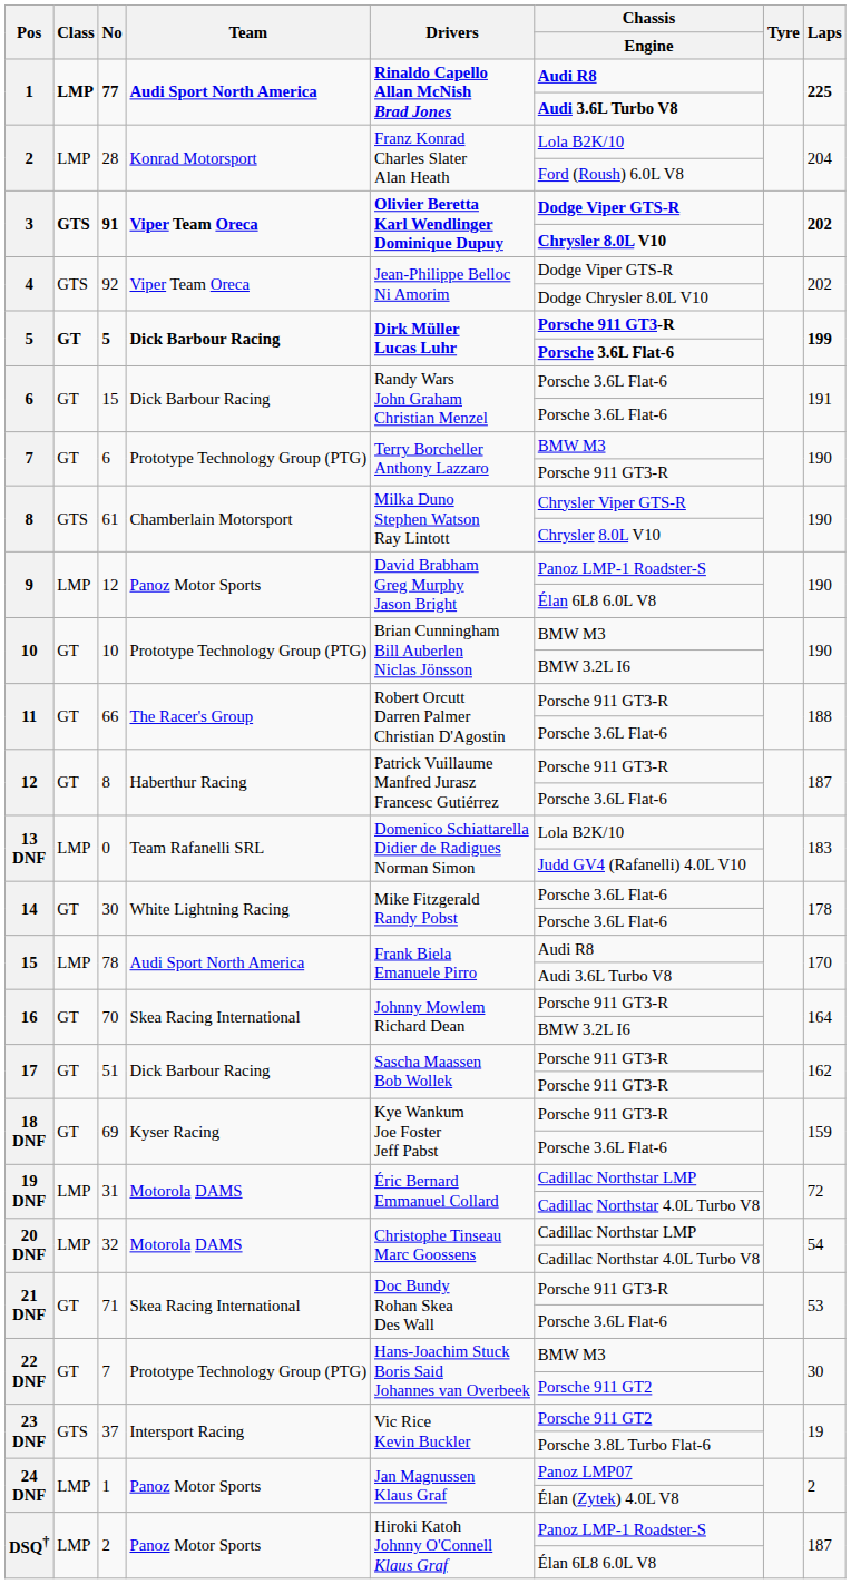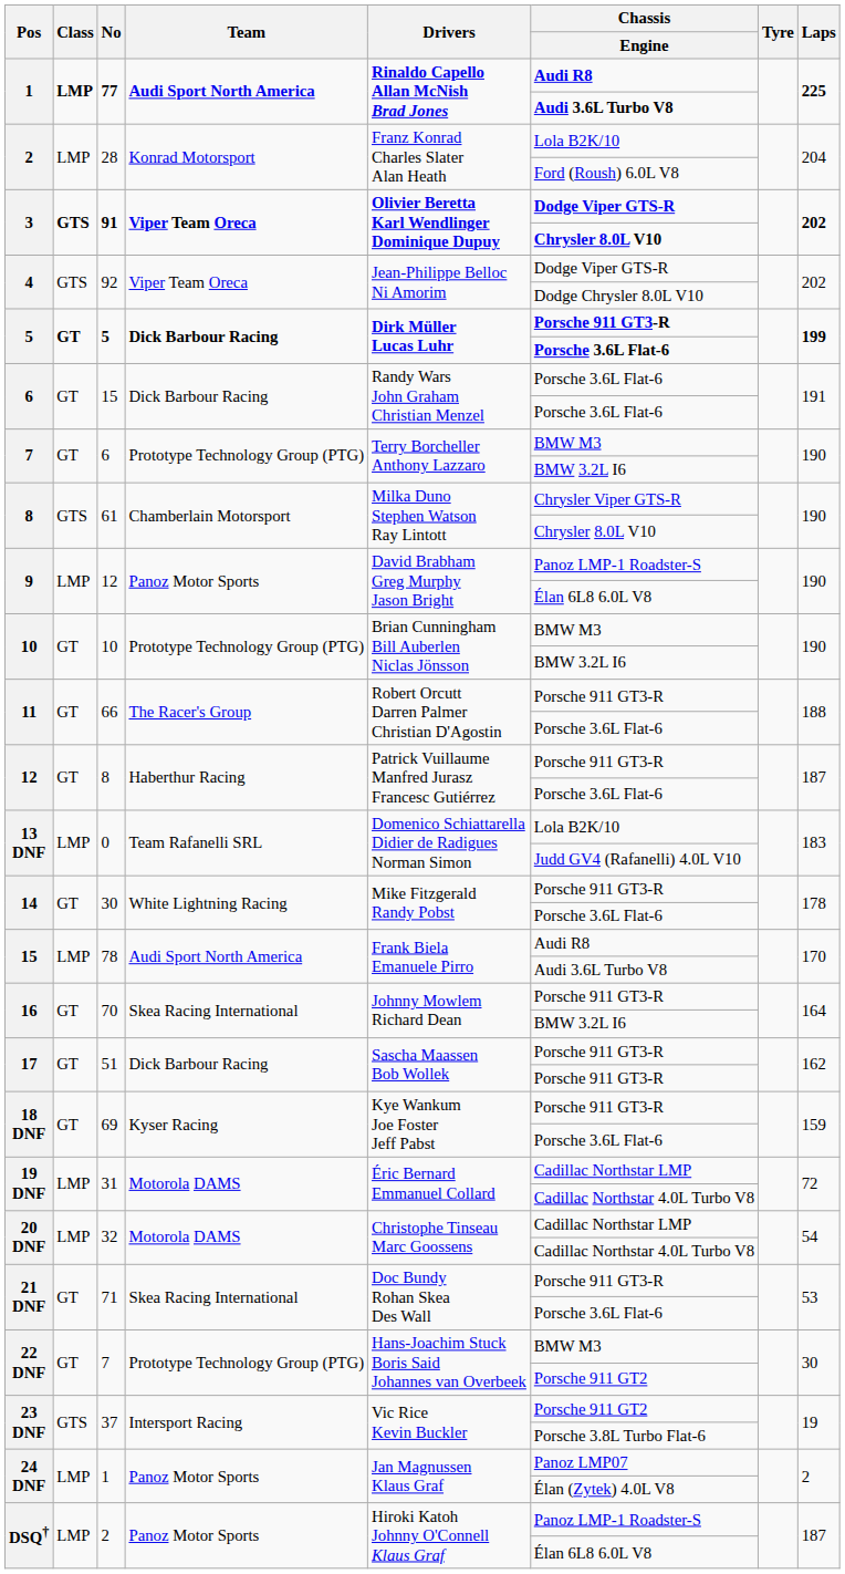 <table class="wikitable" style="font-size: 95%;">
 <tr>
 <th rowspan=2>Pos</th>
 <th rowspan=2>Class</th>
 <th rowspan=2>No</th>
 <th rowspan=2>Team</th>
 <th rowspan=2>Drivers</th>
 <th>Chassis</th>
 <th rowspan=2>Tyre</th>
 <th rowspan=2>Laps</th>
 </tr>
 <tr>
 <th>Engine</th>
 </tr>
 <tr style="font-weight:bold">
 <th rowspan=2>1</th>
 <td rowspan=2>LMP</td>
 <td rowspan=2>77</td>
 <td rowspan=2> <a href='#'>Audi Sport North America</a></td>
 <td rowspan=2> <a href='#'>Rinaldo Capello</a><br> <a href='#'>Allan McNish</a><br><em> <a href='#'>Brad Jones</a></em></td>
 <td><a href='#'>Audi R8</a></td>
 <td rowspan=2></td>
 <td rowspan=2>225</td>
 </tr>
 <tr style="font-weight:bold">
 <td><a href='#'>Audi</a> 3.6L Turbo V8</td>
 </tr>
 <tr>
 <th rowspan=2>2</th>
 <td rowspan=2>LMP</td>
 <td rowspan=2>28</td>
 <td rowspan=2> <a href='#'>Konrad Motorsport</a></td>
 <td rowspan=2> <a href='#'>Franz Konrad</a><br> Charles Slater<br> Alan Heath</td>
 <td><a href='#'>Lola B2K/10</a></td>
 <td rowspan=2></td>
 <td rowspan=2>204</td>
 </tr>
 <tr>
 <td><a href='#'>Ford</a> (<a href='#'>Roush</a>) 6.0L V8</td>
 </tr>
 <tr style="font-weight:bold">
 <th rowspan=2>3</th>
 <td rowspan=2>GTS</td>
 <td rowspan=2>91</td>
 <td rowspan=2> <a href='#'>Viper</a> Team <a href='#'>Oreca</a></td>
 <td rowspan=2> <a href='#'>Olivier Beretta</a><br> <a href='#'>Karl Wendlinger</a><br> <a href='#'>Dominique Dupuy</a></td>
 <td><a href='#'>Dodge Viper GTS-R</a></td>
 <td rowspan=2></td>
 <td rowspan=2>202</td>
 </tr>
 <tr style="font-weight:bold">
 <td><a href='#'>Chrysler 8.0L</a> V10</td>
 </tr>
 <tr>
 <th rowspan=2>4</th>
 <td rowspan=2>GTS</td>
 <td rowspan=2>92</td>
 <td rowspan=2> <a href='#'>Viper</a> Team <a href='#'>Oreca</a></td>
 <td rowspan=2> <a href='#'>Jean-Philippe Belloc</a><br> <a href='#'>Ni Amorim</a></td>
 <td>Dodge Viper GTS-R</td>
 <td rowspan=2></td>
 <td rowspan=2>202</td>
 </tr>
 <tr>
 <td>Dodge Chrysler 8.0L V10</td>
 </tr>
 <tr style="font-weight:bold">
 <th rowspan=2>5</th>
 <td rowspan=2>GT</td>
 <td rowspan=2>5</td>
 <td rowspan=2> Dick Barbour Racing</td>
 <td rowspan=2> <a href='#'>Dirk Müller</a><br> <a href='#'>Lucas Luhr</a></td>
 <td><a href='#'>Porsche 911 GT3</a>-R</td>
 <td rowspan=2></td>
 <td rowspan=2>199</td>
 </tr>
 <tr style="font-weight:bold">
 <td><a href='#'>Porsche</a> 3.6L Flat-6</td>
 </tr>
 <tr>
 <th rowspan=2>6</th>
 <td rowspan=2>GT</td>
 <td rowspan=2>15</td>
 <td rowspan=2> Dick Barbour Racing</td>
 <td rowspan=2> Randy Wars<br> <a href='#'>John Graham</a><br> <a href='#'>Christian Menzel</a></td>
 <td>Porsche 3.6L Flat-6</td>
 <td rowspan=2></td>
 <td rowspan=2>191</td>
 </tr>
 <tr>
 <td>Porsche 3.6L Flat-6</td>
 </tr>
 <tr>
 <th rowspan=2>7</th>
 <td rowspan=2>GT</td>
 <td rowspan=2>6</td>
 <td rowspan=2> Prototype Technology Group (PTG)</td>
 <td rowspan=2> <a href='#'>Terry Borcheller</a><br> <a href='#'>Anthony Lazzaro</a></td>
 <td><a href='#'>BMW M3</a></td>
 <td rowspan=2></td>
 <td rowspan=2>190</td>
 </tr>
 <tr>
-<td>Porsche 911 GT3-R</td>
+<td><a href='#'>BMW</a> <a href='#'>3.2L</a> I6</td>
 </tr>
 <tr>
 <th rowspan=2>8</th>
 <td rowspan=2>GTS</td>
 <td rowspan=2>61</td>
 <td rowspan=2> Chamberlain Motorsport</td>
 <td rowspan=2> <a href='#'>Milka Duno</a><br> <a href='#'>Stephen Watson</a><br> Ray Lintott</td>
 <td><a href='#'>Chrysler Viper GTS-R</a></td>
 <td rowspan=2></td>
 <td rowspan=2>190</td>
 </tr>
 <tr>
 <td><a href='#'>Chrysler</a> <a href='#'>8.0L</a> V10</td>
 </tr>
 <tr>
 <th rowspan=2>9</th>
 <td rowspan=2>LMP</td>
 <td rowspan=2>12</td>
 <td rowspan=2> <a href='#'>Panoz</a> Motor Sports</td>
 <td rowspan=2> <a href='#'>David Brabham</a><br> <a href='#'>Greg Murphy</a><br> <a href='#'>Jason Bright</a></td>
 <td><a href='#'>Panoz LMP-1 Roadster-S</a></td>
 <td rowspan=2></td>
 <td rowspan=2>190</td>
 </tr>
 <tr>
 <td><a href='#'>Élan</a> 6L8 6.0L V8</td>
 </tr>
 <tr>
 <th rowspan=2>10</th>
 <td rowspan=2>GT</td>
 <td rowspan=2>10</td>
 <td rowspan=2> Prototype Technology Group (PTG)</td>
 <td rowspan=2> Brian Cunningham<br> <a href='#'>Bill Auberlen</a><br> <a href='#'>Niclas Jönsson</a></td>
 <td>BMW M3</td>
 <td rowspan=2></td>
 <td rowspan=2>190</td>
 </tr>
 <tr>
 <td>BMW 3.2L I6</td>
 </tr>
 <tr>
 <th rowspan=2>11</th>
 <td rowspan=2>GT</td>
 <td rowspan=2>66</td>
 <td rowspan=2> <a href='#'>The Racer's Group</a></td>
 <td rowspan=2> Robert Orcutt<br> Darren Palmer<br> Christian D'Agostin</td>
 <td>Porsche 911 GT3-R</td>
 <td rowspan=2></td>
 <td rowspan=2>188</td>
 </tr>
 <tr>
 <td>Porsche 3.6L Flat-6</td>
 </tr>
 <tr>
 <th rowspan=2>12</th>
 <td rowspan=2>GT</td>
 <td rowspan=2>8</td>
 <td rowspan=2> Haberthur Racing</td>
 <td rowspan=2> Patrick Vuillaume<br> Manfred Jurasz<br> Francesc Gutiérrez</td>
 <td>Porsche 911 GT3-R</td>
 <td rowspan=2></td>
 <td rowspan=2>187</td>
 </tr>
 <tr>
 <td>Porsche 3.6L Flat-6</td>
 </tr>
 <tr>
 <th rowspan=2>13<br>DNF</th>
 <td rowspan=2>LMP</td>
 <td rowspan=2>0</td>
 <td rowspan=2> Team Rafanelli SRL</td>
 <td rowspan=2> <a href='#'>Domenico Schiattarella</a><br> <a href='#'>Didier de Radigues</a><br> Norman Simon</td>
 <td>Lola B2K/10</td>
 <td rowspan=2></td>
 <td rowspan=2>183</td>
 </tr>
 <tr>
 <td><a href='#'>Judd GV4</a> (Rafanelli) 4.0L V10</td>
 </tr>
 <tr>
 <th rowspan=2>14</th>
 <td rowspan=2>GT</td>
 <td rowspan=2>30</td>
 <td rowspan=2> White Lightning Racing</td>
 <td rowspan=2> Mike Fitzgerald<br> <a href='#'>Randy Pobst</a></td>
-<td>Porsche 3.6L Flat-6</td>
+<td>Porsche 911 GT3-R</td>
 <td rowspan=2></td>
 <td rowspan=2>178</td>
 </tr>
 <tr>
 <td>Porsche 3.6L Flat-6</td>
 </tr>
 <tr>
 <th rowspan=2>15</th>
 <td rowspan=2>LMP</td>
 <td rowspan=2>78</td>
 <td rowspan=2> <a href='#'>Audi Sport North America</a></td>
 <td rowspan=2> <a href='#'>Frank Biela</a><br> <a href='#'>Emanuele Pirro</a></td>
 <td>Audi R8</td>
 <td rowspan=2></td>
 <td rowspan=2>170</td>
 </tr>
 <tr>
 <td>Audi 3.6L Turbo V8</td>
 </tr>
 <tr>
 <th rowspan=2>16</th>
 <td rowspan=2>GT</td>
 <td rowspan=2>70</td>
 <td rowspan=2> Skea Racing International</td>
 <td rowspan=2> <a href='#'>Johnny Mowlem</a><br> Richard Dean</td>
 <td>Porsche 911 GT3-R</td>
 <td rowspan=2></td>
 <td rowspan=2>164</td>
 </tr>
 <tr>
 <td>BMW 3.2L I6</td>
 </tr>
 <tr>
 <th rowspan=2>17</th>
 <td rowspan=2>GT</td>
 <td rowspan=2>51</td>
 <td rowspan=2> Dick Barbour Racing</td>
 <td rowspan=2> <a href='#'>Sascha Maassen</a><br> <a href='#'>Bob Wollek</a></td>
 <td>Porsche 911 GT3-R</td>
 <td rowspan=2></td>
 <td rowspan=2>162</td>
 </tr>
 <tr>
 <td>Porsche 911 GT3-R</td>
 </tr>
 <tr>
 <th rowspan=2>18<br>DNF</th>
 <td rowspan=2>GT</td>
 <td rowspan=2>69</td>
 <td rowspan=2> Kyser Racing</td>
 <td rowspan=2> Kye Wankum<br> Joe Foster<br> Jeff Pabst</td>
 <td>Porsche 911 GT3-R</td>
 <td rowspan=2></td>
 <td rowspan=2>159</td>
 </tr>
 <tr>
 <td>Porsche 3.6L Flat-6</td>
 </tr>
 <tr>
 <th rowspan=2>19<br>DNF</th>
 <td rowspan=2>LMP</td>
 <td rowspan=2>31</td>
 <td rowspan=2> <a href='#'>Motorola</a> <a href='#'>DAMS</a></td>
 <td rowspan=2> <a href='#'>Éric Bernard</a><br> <a href='#'>Emmanuel Collard</a></td>
 <td><a href='#'>Cadillac Northstar LMP</a></td>
 <td rowspan=2></td>
 <td rowspan=2>72</td>
 </tr>
 <tr>
 <td><a href='#'>Cadillac</a> <a href='#'>Northstar</a> 4.0L Turbo V8</td>
 </tr>
 <tr>
 <th rowspan=2>20<br>DNF</th>
 <td rowspan=2>LMP</td>
 <td rowspan=2>32</td>
 <td rowspan=2> <a href='#'>Motorola</a> <a href='#'>DAMS</a></td>
 <td rowspan=2> <a href='#'>Christophe Tinseau</a><br> <a href='#'>Marc Goossens</a></td>
 <td>Cadillac Northstar LMP</td>
 <td rowspan=2></td>
 <td rowspan=2>54</td>
 </tr>
 <tr>
 <td>Cadillac Northstar 4.0L Turbo V8</td>
 </tr>
 <tr>
 <th rowspan=2>21<br>DNF</th>
 <td rowspan=2>GT</td>
 <td rowspan=2>71</td>
 <td rowspan=2> Skea Racing International</td>
 <td rowspan=2> <a href='#'>Doc Bundy</a><br> Rohan Skea<br> Des Wall</td>
 <td>Porsche 911 GT3-R</td>
 <td rowspan=2></td>
 <td rowspan=2>53</td>
 </tr>
 <tr>
 <td>Porsche 3.6L Flat-6</td>
 </tr>
 <tr>
 <th rowspan=2>22<br>DNF</th>
 <td rowspan=2>GT</td>
 <td rowspan=2>7</td>
 <td rowspan=2> Prototype Technology Group (PTG)</td>
 <td rowspan=2> <a href='#'>Hans-Joachim Stuck</a><br> <a href='#'>Boris Said</a><br> <a href='#'>Johannes van Overbeek</a></td>
 <td>BMW M3</td>
 <td rowspan=2></td>
 <td rowspan=2>30</td>
 </tr>
 <tr>
 <td><a href='#'>Porsche 911 GT2</a></td>
 </tr>
 <tr>
 <th rowspan=2>23<br>DNF</th>
 <td rowspan=2>GTS</td>
 <td rowspan=2>37</td>
 <td rowspan=2> Intersport Racing</td>
 <td rowspan=2> Vic Rice<br> <a href='#'>Kevin Buckler</a></td>
 <td><a href='#'>Porsche 911 GT2</a></td>
 <td rowspan=2></td>
 <td rowspan=2>19</td>
 </tr>
 <tr>
 <td>Porsche 3.8L Turbo Flat-6</td>
 </tr>
 <tr>
 <th rowspan=2>24<br>DNF</th>
 <td rowspan=2>LMP</td>
 <td rowspan=2>1</td>
 <td rowspan=2> <a href='#'>Panoz</a> Motor Sports</td>
 <td rowspan=2> <a href='#'>Jan Magnussen</a><br> <a href='#'>Klaus Graf</a></td>
 <td><a href='#'>Panoz LMP07</a></td>
 <td rowspan=2></td>
 <td rowspan=2>2</td>
 </tr>
 <tr>
 <td>Élan (<a href='#'>Zytek</a>) 4.0L V8</td>
 </tr>
 <tr>
 <th rowspan=2>DSQ<sup>†</sup></th>
 <td rowspan=2>LMP</td>
 <td rowspan=2>2</td>
 <td rowspan=2> <a href='#'>Panoz</a> Motor Sports</td>
 <td rowspan=2> Hiroki Katoh<br> <a href='#'>Johnny O'Connell</a><br> <em><a href='#'>Klaus Graf</a></em></td>
 <td><a href='#'>Panoz LMP-1 Roadster-S</a></td>
 <td rowspan=2></td>
 <td rowspan=2>187</td>
 </tr>
 <tr>
 <td>Élan 6L8 6.0L V8</td>
 </tr>
 </table>
